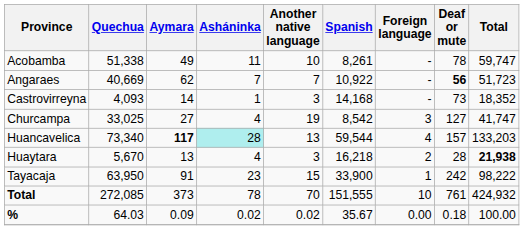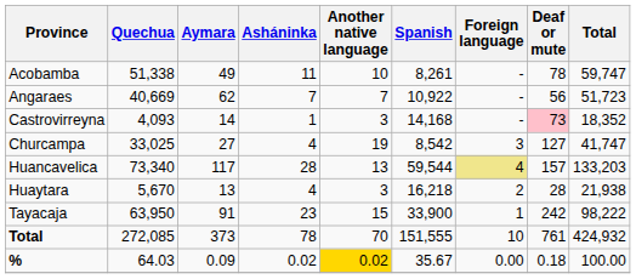 <table class="wikitable">
 <tr>
 <th>Province</th>
 <th><a href='#'>Quechua</a></th>
 <th><a href='#'>Aymara</a></th>
 <th><a href='#'>Asháninka</a></th>
 <th>Another native language</th>
 <th><a href='#'>Spanish</a></th>
 <th>Foreign language</th>
 <th>Deaf or mute</th>
 <th>Total</th>
 </tr>
 <tr>
 <td>Acobamba</td>
 <td align="right">51,338</td>
 <td align="right">49</td>
 <td align="right">11</td>
 <td align="right">10</td>
 <td align="right">8,261</td>
 <td align="right">-</td>
 <td align="right">78</td>
 <td align="right">59,747</td>
 </tr>
 <tr>
 <td>Angaraes</td>
 <td align="right">40,669</td>
 <td align="right">62</td>
 <td align="right">7</td>
 <td align="right">7</td>
 <td align="right">10,922</td>
 <td align="right">-</td>
-<td align="right"><strong>56</strong></td>
+<td align="right">56</td>
 <td align="right">51,723</td>
 </tr>
 <tr>
 <td>Castrovirreyna</td>
 <td align="right">4,093</td>
 <td align="right">14</td>
 <td align="right">1</td>
 <td align="right">3</td>
 <td align="right">14,168</td>
 <td align="right">-</td>
-<td align="right">73</td>
+<td align="right" style="background: pink;">73</td>
 <td align="right">18,352</td>
 </tr>
 <tr>
 <td>Churcampa</td>
 <td align="right">33,025</td>
 <td align="right">27</td>
 <td align="right">4</td>
 <td align="right">19</td>
 <td align="right">8,542</td>
 <td align="right">3</td>
 <td align="right">127</td>
 <td align="right">41,747</td>
 </tr>
 <tr>
 <td>Huancavelica</td>
 <td align="right">73,340</td>
-<td align="right"><strong>117</strong></td>
-<td align="right" style="background: paleturquoise;">28</td>
+<td align="right">117</td>
+<td align="right">28</td>
 <td align="right">13</td>
 <td align="right">59,544</td>
-<td align="right">4</td>
+<td align="right" style="background: khaki;">4</td>
 <td align="right">157</td>
 <td align="right">133,203</td>
 </tr>
 <tr>
 <td>Huaytara</td>
 <td align="right">5,670</td>
 <td align="right">13</td>
 <td align="right">4</td>
 <td align="right">3</td>
 <td align="right">16,218</td>
 <td align="right">2</td>
 <td align="right">28</td>
-<td align="right"><strong>21,938</strong></td>
+<td align="right">21,938</td>
 </tr>
 <tr>
 <td>Tayacaja</td>
 <td align="right">63,950</td>
 <td align="right">91</td>
 <td align="right">23</td>
 <td align="right">15</td>
 <td align="right">33,900</td>
 <td align="right">1</td>
 <td align="right">242</td>
 <td align="right">98,222</td>
 </tr>
 <tr>
 <td><strong>Total</strong></td>
 <td align="right">272,085</td>
 <td align="right">373</td>
 <td align="right">78</td>
 <td align="right">70</td>
 <td align="right">151,555</td>
 <td align="right">10</td>
 <td align="right">761</td>
 <td align="right">424,932</td>
 </tr>
 <tr>
 <td><strong>%</strong></td>
 <td align="right">64.03</td>
 <td align="right">0.09</td>
 <td align="right">0.02</td>
-<td align="right">0.02</td>
+<td align="right" style="background: gold;">0.02</td>
 <td align="right">35.67</td>
 <td align="right">0.00</td>
 <td align="right">0.18</td>
 <td align="right">100.00</td>
 </tr>
 <tr>
 </tr>
 </table>
